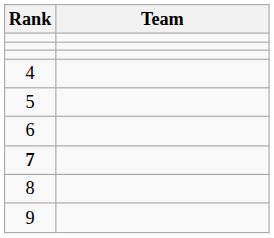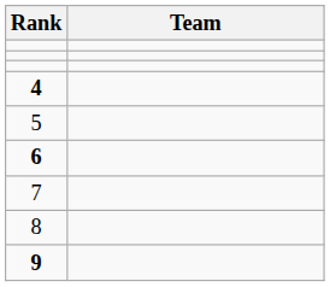 <table class=wikitable style="text-align:center;">
 <tr>
 <th>Rank</th>
 <th width=180>Team</th>
 </tr>
 <tr>
 <td></td>
 <td align=left></td>
 </tr>
 <tr>
 <td></td>
 <td align=left></td>
 </tr>
 <tr>
 <td></td>
 <td align=left></td>
 </tr>
 <tr>
-<td>4</td>
+<td><strong>4</strong></td>
 <td align=left></td>
 </tr>
 <tr>
 <td>5</td>
 <td align=left></td>
 </tr>
 <tr>
-<td>6</td>
+<td><strong>6</strong></td>
 <td align=left></td>
 </tr>
 <tr>
-<td><strong>7</strong></td>
+<td>7</td>
 <td align=left></td>
 </tr>
 <tr>
 <td>8</td>
 <td align=left></td>
 </tr>
 <tr>
-<td>9</td>
+<td><strong>9</strong></td>
 <td align=left></td>
 </tr>
 </table>
